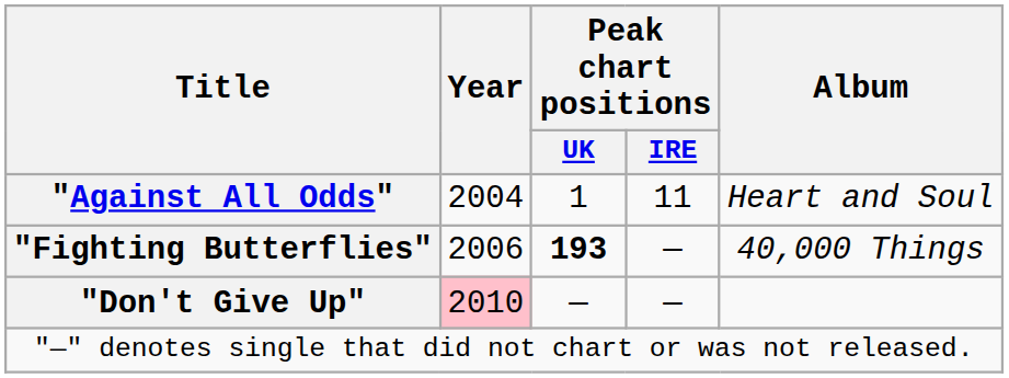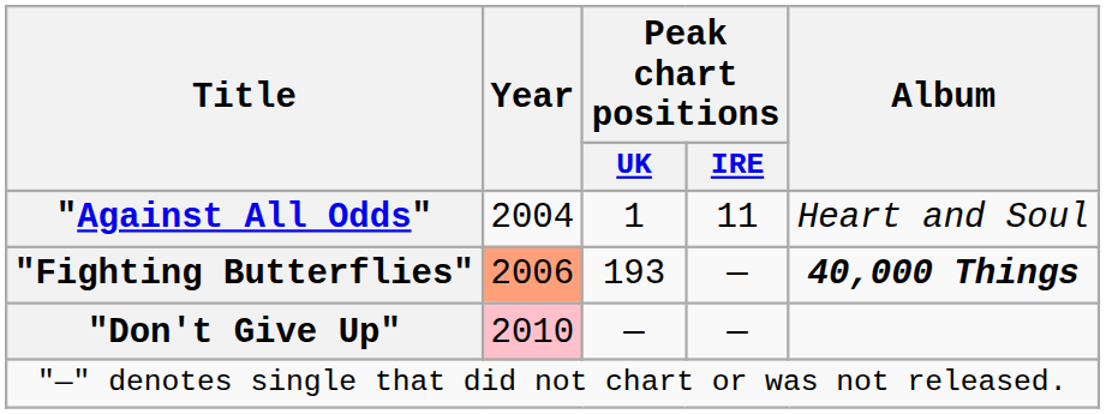 <table class="wikitable plainrowheaders" style="text-align:center;">
 <tr>
 <th scope="col" rowspan="2">Title</th>
 <th scope="col" rowspan="2">Year</th>
 <th scope="col" colspan="2">Peak chart positions</th>
 <th scope="col" rowspan="2">Album</th>
 </tr>
 <tr>
 <th scope="col" style="width:3em;font-size:85%;"><a href='#'>UK</a><br></th>
 <th scope="col" style="width:3em;font-size:85%;"><a href='#'>IRE</a><br></th>
 </tr>
 <tr>
 <th scope="row">"<a href='#'>Against All Odds</a>"</th>
 <td>2004</td>
 <td>1</td>
 <td>11</td>
 <td><em>Heart and Soul</em></td>
 </tr>
 <tr>
 <th scope="row">"Fighting Butterflies"</th>
-<td>2006</td>
-<td><strong>193</strong></td>
+<td style="background: lightsalmon;">2006</td>
+<td>193</td>
 <td>—</td>
-<td><em>40,000 Things</em></td>
+<td><strong><em>40,000 Things</em></strong></td>
 </tr>
 <tr>
 <th scope="row">"Don't Give Up"</th>
 <td style="background: pink;">2010</td>
 <td>—</td>
 <td>—</td>
 <td></td>
 </tr>
 <tr>
 <td colspan="18" style="font-size:85%">"—" denotes single that did not chart or was not released.</td>
 </tr>
 </table>
